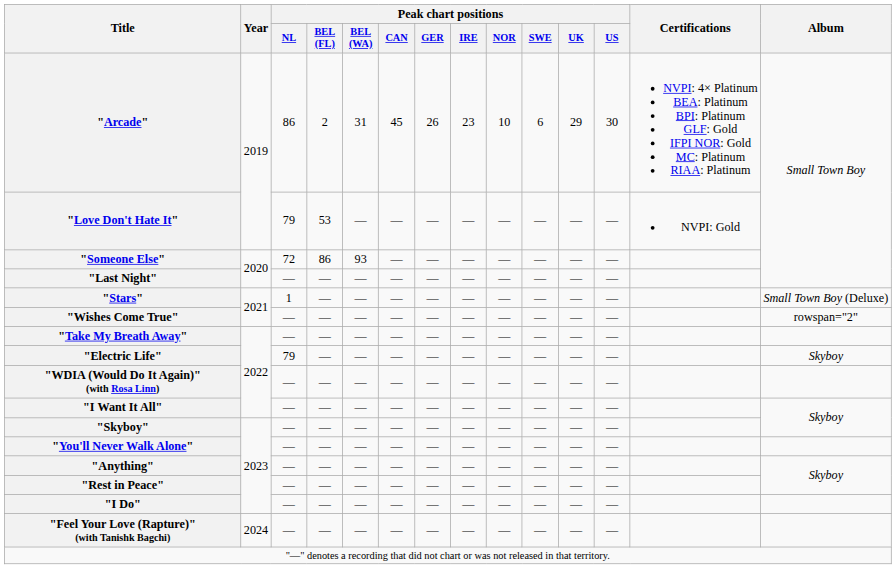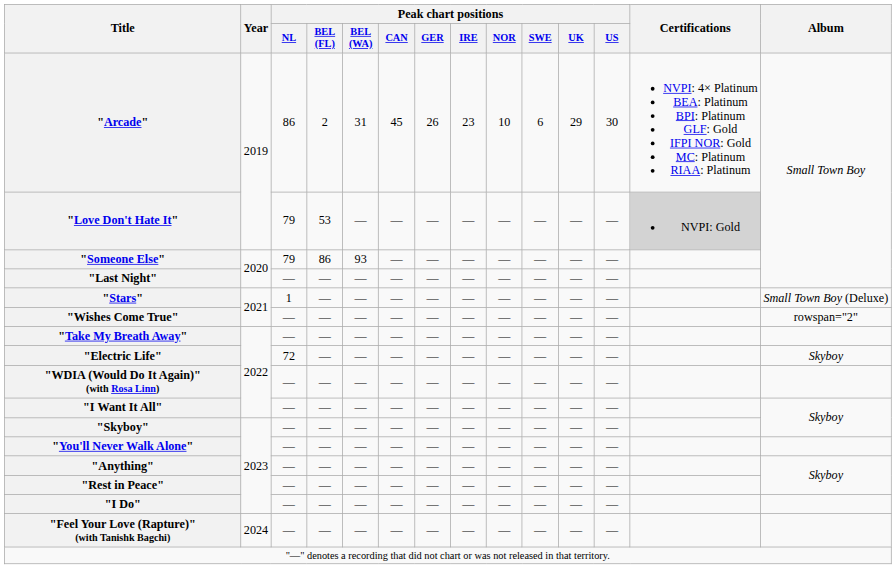 <table class="wikitable plainrowheaders" style="text-align:center;">
 <tr>
 <th scope="col" rowspan="2" style="width:19em;">Title</th>
 <th scope="col" rowspan="2" style="width:1em;">Year</th>
 <th scope="col" colspan="10">Peak chart positions</th>
 <th scope="col" rowspan="2">Certifications</th>
 <th scope="col" rowspan="2">Album</th>
 </tr>
 <tr>
 <th scope="col" style="width:3em;font-size:85%;"><a href='#'>NL</a><br></th>
 <th scope="col" style="width:3em;font-size:85%;"><a href='#'>BEL<br>(FL)</a><br></th>
 <th scope="col" style="width:3em;font-size:85%;"><a href='#'>BEL<br>(WA)</a><br></th>
 <th scope="col" style="width:3em;font-size:85%;"><a href='#'>CAN</a><br></th>
 <th scope="col" style="width:3em;font-size:85%;"><a href='#'>GER</a><br></th>
 <th scope="col" style="width:3em;font-size:85%;"><a href='#'>IRE</a><br></th>
 <th scope="col" style="width:3em;font-size:85%;"><a href='#'>NOR</a><br></th>
 <th scope="col" style="width:3em;font-size:85%;"><a href='#'>SWE</a><br></th>
 <th scope="col" style="width:3em;font-size:85%;"><a href='#'>UK</a><br></th>
 <th scope="col" style="width:3em;font-size:85%;"><a href='#'>US</a><br></th>
 </tr>
 <tr>
 <th scope="row">"<a href='#'>Arcade</a>"</th>
 <td rowspan="2">2019</td>
 <td>86</td>
 <td>2</td>
 <td>31</td>
 <td>45</td>
 <td>26</td>
 <td>23</td>
 <td>10</td>
 <td>6</td>
 <td>29</td>
 <td>30</td>
 <td><br><ul><li><a href='#'>NVPI</a>: 4× Platinum</li><li><a href='#'>BEA</a>: Platinum</li><li><a href='#'>BPI</a>: Platinum</li><li><a href='#'>GLF</a>: Gold</li><li><a href='#'>IFPI NOR</a>: Gold</li><li><a href='#'>MC</a>: Platinum</li><li><a href='#'>RIAA</a>: Platinum</li></ul></td>
 <td rowspan="4"><em>Small Town Boy</em></td>
 </tr>
 <tr>
 <th scope="row">"<a href='#'>Love Don't Hate It</a>"</th>
 <td>79</td>
 <td>53</td>
 <td>—</td>
 <td>—</td>
 <td>—</td>
 <td>—</td>
 <td>—</td>
 <td>—</td>
 <td>—</td>
 <td>—</td>
-<td><br><ul><li>NVPI: Gold</li></ul></td>
+<td style="background: lightgrey;"><br><ul><li>NVPI: Gold</li></ul></td>
 </tr>
 <tr>
 <th scope="row">"<a href='#'>Someone Else</a>"</th>
 <td rowspan="2">2020</td>
-<td>72</td>
+<td>79</td>
 <td>86</td>
 <td>93</td>
 <td>—</td>
 <td>—</td>
 <td>—</td>
 <td>—</td>
 <td>—</td>
 <td>—</td>
 <td>—</td>
 <td></td>
 </tr>
 <tr>
 <th scope="row">"Last Night"</th>
 <td>—</td>
 <td>—</td>
 <td>—</td>
 <td>—</td>
 <td>—</td>
 <td>—</td>
 <td>—</td>
 <td>—</td>
 <td>—</td>
 <td>—</td>
 <td></td>
 </tr>
 <tr>
 <th scope="row">"<a href='#'>Stars</a>"</th>
 <td rowspan="2">2021</td>
 <td>1</td>
 <td>—</td>
 <td>—</td>
 <td>—</td>
 <td>—</td>
 <td>—</td>
 <td>—</td>
 <td>—</td>
 <td>—</td>
 <td>—</td>
 <td></td>
 <td><em>Small Town Boy</em> (Deluxe)</td>
 </tr>
 <tr>
 <th scope="row">"Wishes Come True"</th>
 <td>—</td>
 <td>—</td>
 <td>—</td>
 <td>—</td>
 <td>—</td>
 <td>—</td>
 <td>—</td>
 <td>—</td>
 <td>—</td>
 <td>—</td>
 <td></td>
 <td>rowspan="2" </td>
 </tr>
 <tr>
 <th scope="row">"<a href='#'>Take My Breath Away</a>"</th>
 <td rowspan="4">2022</td>
 <td>—</td>
 <td>—</td>
 <td>—</td>
 <td>—</td>
 <td>—</td>
 <td>—</td>
 <td>—</td>
 <td>—</td>
 <td>—</td>
 <td>—</td>
 <td></td>
 </tr>
 <tr>
 <th scope="row">"Electric Life"</th>
-<td>79</td>
+<td>72</td>
 <td>—</td>
 <td>—</td>
 <td>—</td>
 <td>—</td>
 <td>—</td>
 <td>—</td>
 <td>—</td>
 <td>—</td>
 <td>—</td>
 <td></td>
 <td><em>Skyboy</em></td>
 </tr>
 <tr>
 <th scope="row">"WDIA (Would Do It Again)"<br><small>(with <a href='#'>Rosa Linn</a>)</small></th>
 <td>—</td>
 <td>—</td>
 <td>—</td>
 <td>—</td>
 <td>—</td>
 <td>—</td>
 <td>—</td>
 <td>—</td>
 <td>—</td>
 <td>—</td>
 <td></td>
 <td></td>
 </tr>
 <tr>
 <th scope="row">"I Want It All"</th>
 <td>—</td>
 <td>—</td>
 <td>—</td>
 <td>—</td>
 <td>—</td>
 <td>—</td>
 <td>—</td>
 <td>—</td>
 <td>—</td>
 <td>—</td>
 <td></td>
 <td rowspan="2"><em>Skyboy</em></td>
 </tr>
 <tr>
 <th scope="row">"Skyboy"</th>
 <td rowspan="5">2023</td>
 <td>—</td>
 <td>—</td>
 <td>—</td>
 <td>—</td>
 <td>—</td>
 <td>—</td>
 <td>—</td>
 <td>—</td>
 <td>—</td>
 <td>—</td>
 <td></td>
 </tr>
 <tr>
 <th scope="row">"<a href='#'>You'll Never Walk Alone</a>"</th>
 <td>—</td>
 <td>—</td>
 <td>—</td>
 <td>—</td>
 <td>—</td>
 <td>—</td>
 <td>—</td>
 <td>—</td>
 <td>—</td>
 <td>—</td>
 <td></td>
 <td></td>
 </tr>
 <tr>
 <th scope="row">"Anything"</th>
 <td>—</td>
 <td>—</td>
 <td>—</td>
 <td>—</td>
 <td>—</td>
 <td>—</td>
 <td>—</td>
 <td>—</td>
 <td>—</td>
 <td>—</td>
 <td></td>
 <td rowspan="2"><em>Skyboy</em></td>
 </tr>
 <tr>
 <th scope="row">"Rest in Peace"</th>
 <td>—</td>
 <td>—</td>
 <td>—</td>
 <td>—</td>
 <td>—</td>
 <td>—</td>
 <td>—</td>
 <td>—</td>
 <td>—</td>
 <td>—</td>
 <td></td>
 </tr>
 <tr>
 <th scope="row">"I Do"</th>
 <td>—</td>
 <td>—</td>
 <td>—</td>
 <td>—</td>
 <td>—</td>
 <td>—</td>
 <td>—</td>
 <td>—</td>
 <td>—</td>
 <td>—</td>
 <td></td>
 <td></td>
 </tr>
 <tr>
 <th scope="row">"Feel Your Love (Rapture)"<br><small>(with Tanishk Bagchi)</small></th>
 <td rowspan="1">2024</td>
 <td>—</td>
 <td>—</td>
 <td>—</td>
 <td>—</td>
 <td>—</td>
 <td>—</td>
 <td>—</td>
 <td>—</td>
 <td>—</td>
 <td>—</td>
 <td></td>
 </tr>
 <tr>
 <td colspan="14" style="font-size:85%">"—" denotes a recording that did not chart or was not released in that territory.</td>
 </tr>
 </table>
